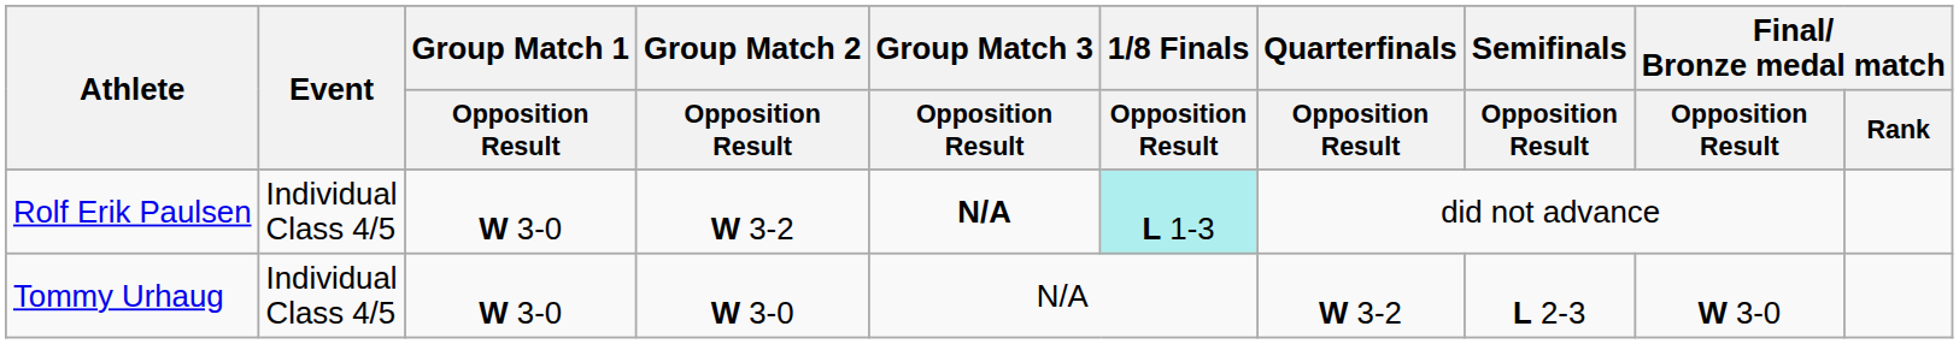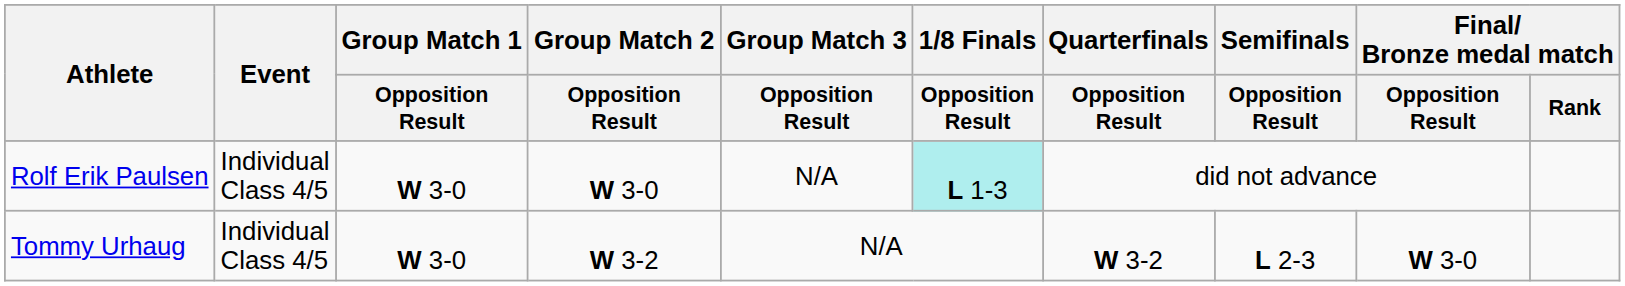 <table class=wikitable style="font-size:90%">
 <tr>
 <th rowspan="2">Athlete</th>
 <th rowspan="2">Event</th>
 <th>Group Match 1</th>
 <th>Group Match 2</th>
 <th>Group Match 3</th>
 <th>1/8 Finals</th>
 <th>Quarterfinals</th>
 <th>Semifinals</th>
 <th colspan="2">Final/<br>Bronze medal match</th>
 </tr>
 <tr>
 <th style="line-height:1em"><small>Opposition<br>Result</small></th>
 <th style="line-height:1em"><small>Opposition<br>Result</small></th>
 <th style="line-height:1em"><small>Opposition<br>Result</small></th>
 <th style="line-height:1em"><small>Opposition<br>Result</small></th>
 <th style="line-height:1em"><small>Opposition<br>Result</small></th>
 <th style="line-height:1em"><small>Opposition<br>Result</small></th>
 <th style="line-height:1em"><small>Opposition<br>Result</small></th>
 <th style="line-height:1em"><small>Rank</small></th>
 </tr>
 <tr>
 <td><a href='#'>Rolf Erik Paulsen</a></td>
 <td>Individual<br>Class 4/5</td>
 <td align="center"><br><strong>W</strong> 3-0</td>
-<td align="center"><br><strong>W</strong> 3-2</td>
-<td align="center"><strong>N/A</strong></td>
+<td align="center"><br><strong>W</strong> 3-0</td>
+<td align="center">N/A</td>
 <td align="center" style="background: paleturquoise;"><br><strong>L</strong> 1-3</td>
 <td align="center" colspan="3">did not advance</td>
 </tr>
 <tr>
 <td><a href='#'>Tommy Urhaug</a></td>
 <td>Individual<br>Class 4/5</td>
 <td align="center"><br><strong>W</strong> 3-0</td>
-<td align="center"><br><strong>W</strong> 3-0</td>
+<td align="center"><br><strong>W</strong> 3-2</td>
 <td align="center" colspan="2">N/A</td>
 <td align="center"><br><strong>W</strong> 3-2</td>
 <td align="center"><br><strong>L</strong> 2-3</td>
 <td align="center"><br><strong>W</strong> 3-0</td>
 <td align="center"></td>
 </tr>
 </table>
